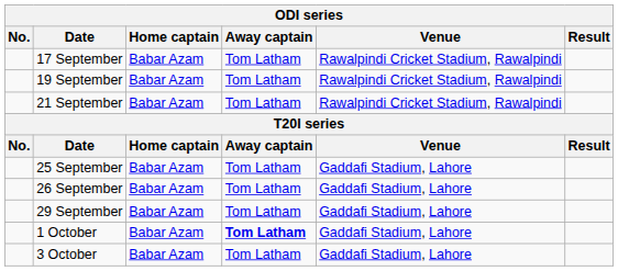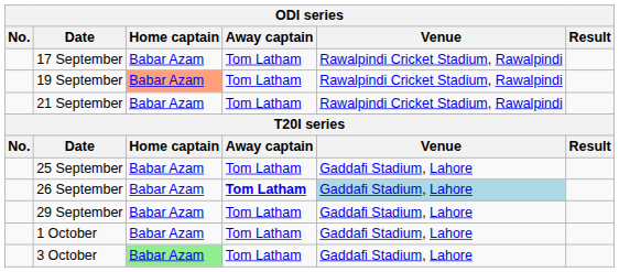 <table class="wikitable">
 <tr>
 <th colspan="9">ODI series</th>
 </tr>
 <tr>
 <th>No.</th>
 <th>Date</th>
 <th>Home captain</th>
 <th>Away captain</th>
 <th>Venue</th>
 <th>Result</th>
 </tr>
 <tr>
 <td></td>
 <td>17 September</td>
 <td><a href='#'>Babar Azam</a></td>
 <td><a href='#'>Tom Latham</a></td>
 <td><a href='#'>Rawalpindi Cricket Stadium</a>, <a href='#'>Rawalpindi</a></td>
 <td></td>
 </tr>
 <tr>
 <td></td>
 <td>19 September</td>
-<td><a href='#'>Babar Azam</a></td>
+<td style="background: lightsalmon;"><a href='#'>Babar Azam</a></td>
 <td><a href='#'>Tom Latham</a></td>
 <td><a href='#'>Rawalpindi Cricket Stadium</a>, <a href='#'>Rawalpindi</a></td>
 <td></td>
 </tr>
 <tr>
 <td></td>
 <td>21 September</td>
 <td><a href='#'>Babar Azam</a></td>
 <td><a href='#'>Tom Latham</a></td>
 <td><a href='#'>Rawalpindi Cricket Stadium</a>, <a href='#'>Rawalpindi</a></td>
 <td></td>
 </tr>
 <tr>
 <th colspan="9">T20I series</th>
 </tr>
 <tr>
 <th>No.</th>
 <th>Date</th>
 <th>Home captain</th>
 <th>Away captain</th>
 <th>Venue</th>
 <th>Result</th>
 </tr>
 <tr>
 <td></td>
 <td>25 September</td>
 <td><a href='#'>Babar Azam</a></td>
 <td><a href='#'>Tom Latham</a></td>
 <td><a href='#'>Gaddafi Stadium</a>, <a href='#'>Lahore</a></td>
 <td></td>
 </tr>
 <tr>
 <td></td>
 <td>26 September</td>
 <td><a href='#'>Babar Azam</a></td>
-<td><a href='#'>Tom Latham</a></td>
-<td><a href='#'>Gaddafi Stadium</a>, <a href='#'>Lahore</a></td>
+<td><strong><a href='#'>Tom Latham</a></strong></td>
+<td style="background: lightblue;"><a href='#'>Gaddafi Stadium</a>, <a href='#'>Lahore</a></td>
 <td></td>
 </tr>
 <tr>
 <td></td>
 <td>29 September</td>
 <td><a href='#'>Babar Azam</a></td>
 <td><a href='#'>Tom Latham</a></td>
 <td><a href='#'>Gaddafi Stadium</a>, <a href='#'>Lahore</a></td>
 <td></td>
 </tr>
 <tr>
 <td></td>
 <td>1 October</td>
 <td><a href='#'>Babar Azam</a></td>
-<td><strong><a href='#'>Tom Latham</a></strong></td>
+<td><a href='#'>Tom Latham</a></td>
 <td><a href='#'>Gaddafi Stadium</a>, <a href='#'>Lahore</a></td>
 <td></td>
 </tr>
 <tr>
 <td></td>
 <td>3 October</td>
-<td><a href='#'>Babar Azam</a></td>
+<td style="background: lightgreen;"><a href='#'>Babar Azam</a></td>
 <td><a href='#'>Tom Latham</a></td>
 <td><a href='#'>Gaddafi Stadium</a>, <a href='#'>Lahore</a></td>
 <td></td>
 </tr>
 </table>
